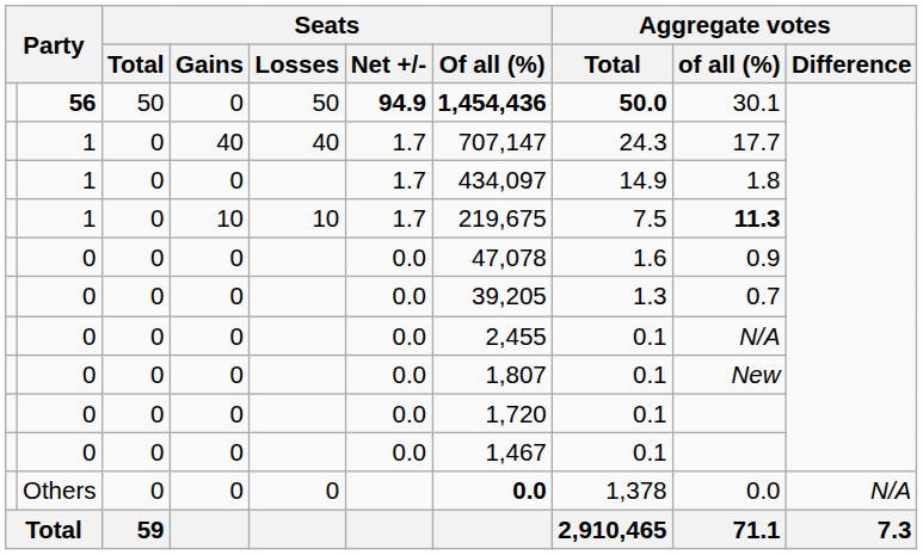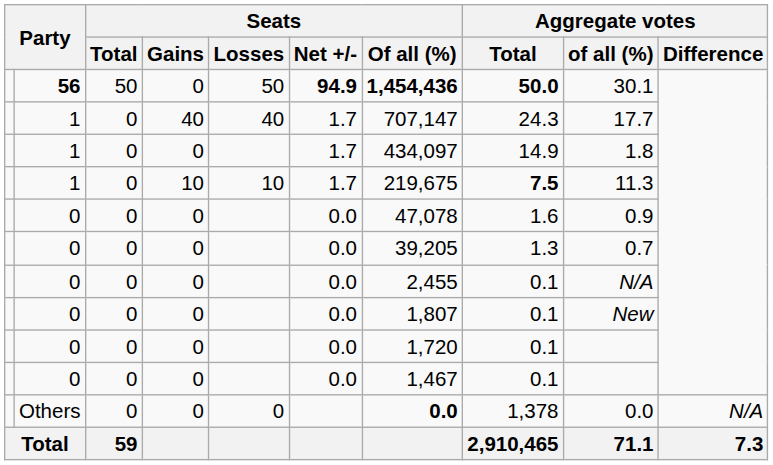 <table class="wikitable sortable" style="text-align:right; font-size:95%;">
 <tr>
 <th colspan="2" rowspan="2">Party</th>
 <th colspan="5">Seats</th>
 <th colspan="3">Aggregate votes</th>
 </tr>
 <tr>
 <th>Total</th>
 <th>Gains</th>
 <th>Losses</th>
 <th>Net +/-</th>
 <th>Of all (%)</th>
 <th>Total</th>
 <th>of all (%)</th>
 <th>Difference</th>
 </tr>
 <tr>
 <td></td>
 <td><strong>56</strong></td>
 <td>50</td>
 <td>0</td>
 <td>50</td>
 <td><strong>94.9</strong></td>
 <td><strong>1,454,436</strong></td>
 <td><strong>50.0</strong></td>
 <td>30.1</td>
 </tr>
 <tr>
 <td></td>
 <td>1</td>
 <td>0</td>
 <td>40</td>
 <td>40</td>
 <td>1.7</td>
 <td>707,147</td>
 <td>24.3</td>
 <td>17.7</td>
 </tr>
 <tr>
 <td></td>
 <td>1</td>
 <td>0</td>
 <td>0</td>
 <td></td>
 <td>1.7</td>
 <td>434,097</td>
 <td>14.9</td>
 <td>1.8</td>
 </tr>
 <tr>
 <td></td>
 <td>1</td>
 <td>0</td>
 <td>10</td>
 <td>10</td>
 <td>1.7</td>
 <td>219,675</td>
-<td>7.5</td>
-<td><strong>11.3</strong></td>
+<td><strong>7.5</strong></td>
+<td>11.3</td>
 </tr>
 <tr>
 <td></td>
 <td>0</td>
 <td>0</td>
 <td>0</td>
 <td></td>
 <td>0.0</td>
 <td>47,078</td>
 <td>1.6</td>
 <td>0.9</td>
 </tr>
 <tr>
 <td></td>
 <td>0</td>
 <td>0</td>
 <td>0</td>
 <td></td>
 <td>0.0</td>
 <td>39,205</td>
 <td>1.3</td>
 <td>0.7</td>
 </tr>
 <tr>
 <td></td>
 <td>0</td>
 <td>0</td>
 <td>0</td>
 <td></td>
 <td>0.0</td>
 <td>2,455</td>
 <td>0.1</td>
 <td><em>N/A</em></td>
 </tr>
 <tr>
 <td></td>
 <td>0</td>
 <td>0</td>
 <td>0</td>
 <td></td>
 <td>0.0</td>
 <td>1,807</td>
 <td>0.1</td>
 <td><em>New</em></td>
 </tr>
 <tr>
 <td></td>
 <td>0</td>
 <td>0</td>
 <td>0</td>
 <td></td>
 <td>0.0</td>
 <td>1,720</td>
 <td>0.1</td>
 <td></td>
 </tr>
 <tr>
 <td></td>
 <td>0</td>
 <td>0</td>
 <td>0</td>
 <td></td>
 <td>0.0</td>
 <td>1,467</td>
 <td>0.1</td>
 <td></td>
 </tr>
 <tr>
 <td></td>
 <td align=left>Others</td>
 <td>0</td>
 <td>0</td>
 <td>0</td>
 <td></td>
 <td><strong>0.0</strong></td>
 <td>1,378</td>
 <td>0.0</td>
 <td><em>N/A</em></td>
 </tr>
 <tr class="sortbottom">
 <th colspan="2" style="background:#f2f2f2"><strong>Total</strong></th>
 <td style="background:#f2f2f2;"><strong>59</strong></td>
 <td style="background:#f2f2f2;"></td>
 <td style="background:#f2f2f2;"></td>
 <td style="background:#f2f2f2;"></td>
 <td style="background:#f2f2f2;"></td>
 <td style="background:#f2f2f2;"><strong>2,910,465</strong></td>
 <td style="background:#f2f2f2;"><strong>71.1</strong></td>
 <td style="background:#f2f2f2;"><strong>7.3</strong></td>
 </tr>
 </table>
